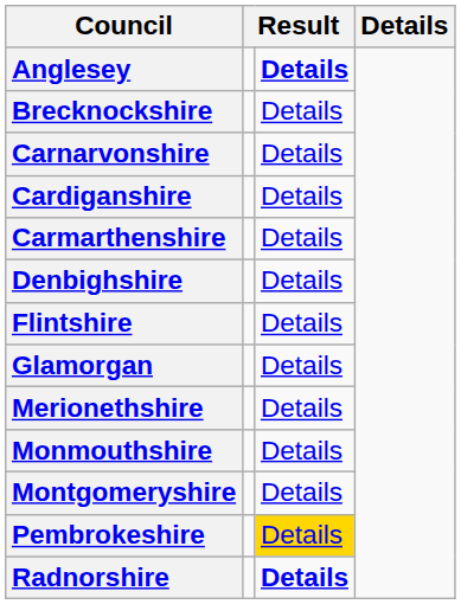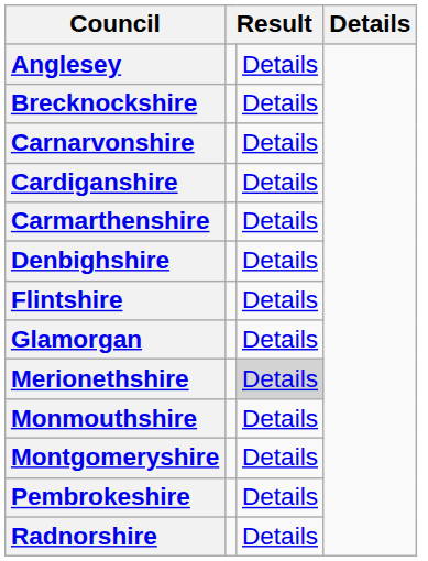 <table class="wikitable">
 <tr>
 <th scope="col">Council</th>
 <th colspan=2>Result</th>
 <th scope="col" class="unsortable">Details</th>
 </tr>
 <tr>
 <th scope="row" style="text-align: left;"><a href='#'>Anglesey</a></th>
 <td></td>
-<td><strong><a href='#'>Details</a></strong></td>
+<td><a href='#'>Details</a></td>
 </tr>
 <tr>
 <th scope="row" style="text-align: left;"><a href='#'>Brecknockshire</a></th>
 <td></td>
 <td><a href='#'>Details</a></td>
 </tr>
 <tr>
 <th scope="row" style="text-align: left;"><a href='#'>Carnarvonshire</a></th>
 <td></td>
 <td><a href='#'>Details</a></td>
 </tr>
 <tr>
 <th scope="row" style="text-align: left;"><a href='#'>Cardiganshire</a></th>
 <td></td>
 <td><a href='#'>Details</a></td>
 </tr>
 <tr>
 <th scope="row" style="text-align: left;"><a href='#'>Carmarthenshire</a></th>
 <td></td>
 <td><a href='#'>Details</a></td>
 </tr>
 <tr>
 <th scope="row" style="text-align: left;"><a href='#'>Denbighshire</a></th>
 <td></td>
 <td><a href='#'>Details</a></td>
 </tr>
 <tr>
 <th scope="row" style="text-align: left;"><a href='#'>Flintshire</a></th>
 <td></td>
 <td><a href='#'>Details</a></td>
 </tr>
 <tr>
 <th scope="row" style="text-align: left;"><a href='#'>Glamorgan</a></th>
 <td></td>
 <td><a href='#'>Details</a></td>
 </tr>
 <tr>
 <th scope="row" style="text-align: left;"><a href='#'>Merionethshire</a></th>
 <td></td>
-<td><a href='#'>Details</a></td>
+<td style="background: lightgrey;"><a href='#'>Details</a></td>
 </tr>
 <tr>
 <th scope="row" style="text-align: left;"><a href='#'>Monmouthshire</a></th>
 <td></td>
 <td><a href='#'>Details</a></td>
 </tr>
 <tr>
 <th scope="row" style="text-align: left;"><a href='#'>Montgomeryshire</a></th>
 <td></td>
 <td><a href='#'>Details</a></td>
 </tr>
 <tr>
 <th scope="row" style="text-align: left;"><a href='#'>Pembrokeshire</a></th>
 <td></td>
-<td style="background: gold;"><a href='#'>Details</a></td>
+<td><a href='#'>Details</a></td>
 </tr>
 <tr>
 <th scope="row" style="text-align: left;"><a href='#'>Radnorshire</a></th>
 <td></td>
-<td><strong><a href='#'>Details</a></strong></td>
+<td><a href='#'>Details</a></td>
 </tr>
 </table>
